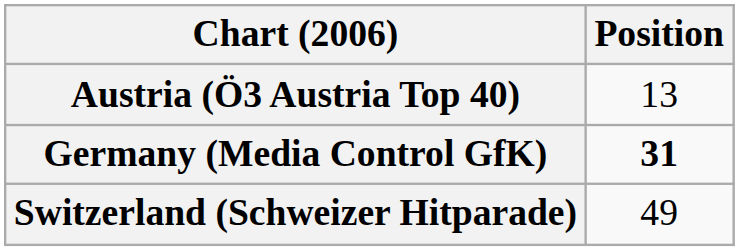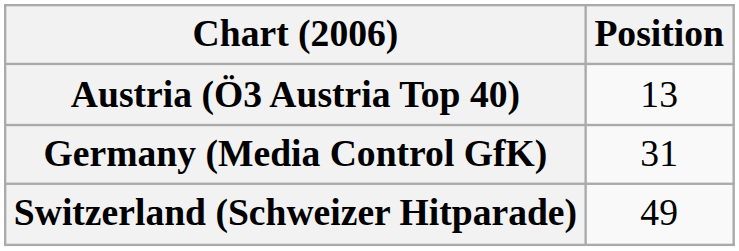 <table class="wikitable sortable plainrowheaders" style="text-align:center">
 <tr>
 <th scope="col">Chart (2006)</th>
 <th scope="col">Position</th>
 </tr>
 <tr>
 <th scope="row">Austria (Ö3 Austria Top 40)</th>
 <td>13</td>
 </tr>
 <tr>
 <th scope="row">Germany (Media Control GfK)</th>
-<td><strong>31</strong></td>
+<td>31</td>
 </tr>
 <tr>
 <th scope="row">Switzerland (Schweizer Hitparade)</th>
 <td>49</td>
 </tr>
 </table>
